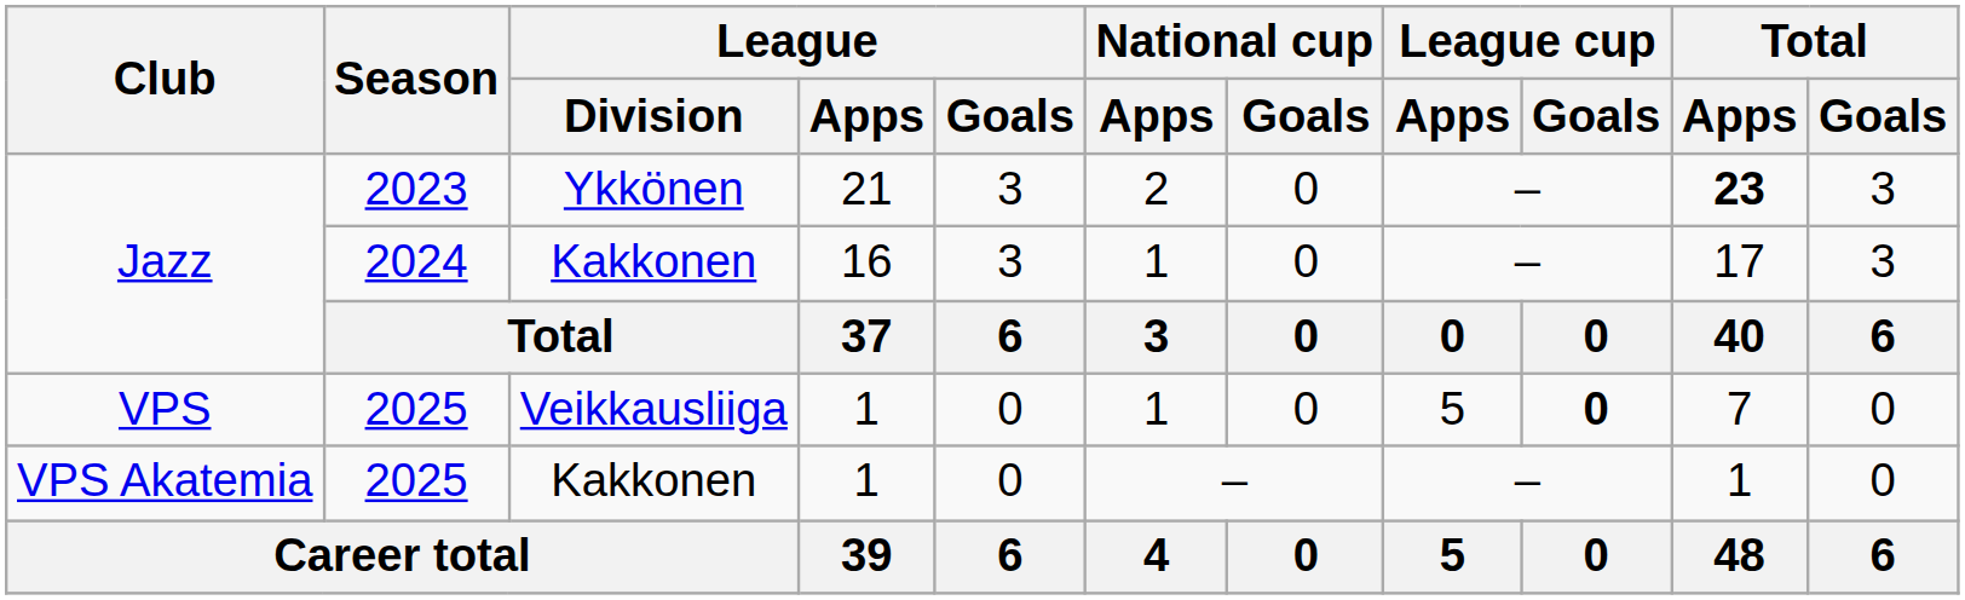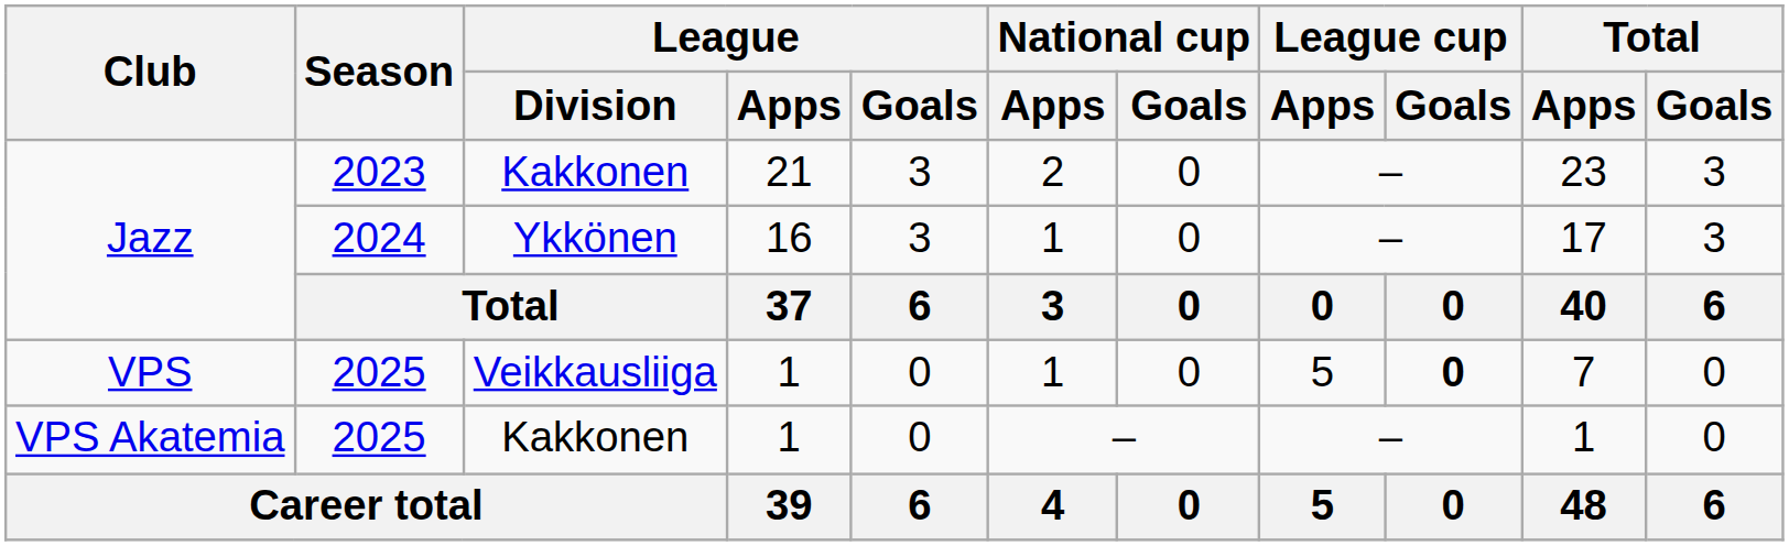 <table class="wikitable" style="text-align:center">
 <tr>
 <th rowspan="2">Club</th>
 <th rowspan="2">Season</th>
 <th colspan="3">League</th>
 <th colspan="2">National cup</th>
 <th colspan="2">League cup</th>
 <th colspan="2">Total</th>
 </tr>
 <tr>
 <th>Division</th>
 <th>Apps</th>
 <th>Goals</th>
 <th>Apps</th>
 <th>Goals</th>
 <th>Apps</th>
 <th>Goals</th>
 <th>Apps</th>
 <th>Goals</th>
 </tr>
 <tr>
 <td rowspan=3><a href='#'>Jazz</a></td>
 <td><a href='#'>2023</a></td>
-<td><a href='#'>Ykkönen</a></td>
+<td><a href='#'>Kakkonen</a></td>
 <td>21</td>
 <td>3</td>
 <td>2</td>
 <td>0</td>
 <td colspan=2>–</td>
-<td><strong>23</strong></td>
+<td>23</td>
 <td>3</td>
 </tr>
 <tr>
 <td><a href='#'>2024</a></td>
-<td><a href='#'>Kakkonen</a></td>
+<td><a href='#'>Ykkönen</a></td>
 <td>16</td>
 <td>3</td>
 <td>1</td>
 <td>0</td>
 <td colspan=2>–</td>
 <td>17</td>
 <td>3</td>
 </tr>
 <tr>
 <th colspan=2>Total</th>
 <th>37</th>
 <th>6</th>
 <th>3</th>
 <th>0</th>
 <th>0</th>
 <th>0</th>
 <th>40</th>
 <th>6</th>
 </tr>
 <tr>
 <td><a href='#'>VPS</a></td>
 <td><a href='#'>2025</a></td>
 <td><a href='#'>Veikkausliiga</a></td>
 <td>1</td>
 <td>0</td>
 <td>1</td>
 <td>0</td>
 <td>5</td>
 <td><strong>0</strong></td>
 <td>7</td>
 <td>0</td>
 </tr>
 <tr>
 <td><a href='#'>VPS Akatemia</a></td>
 <td><a href='#'>2025</a></td>
 <td>Kakkonen</td>
 <td>1</td>
 <td>0</td>
 <td colspan=2>–</td>
 <td colspan=2>–</td>
 <td>1</td>
 <td>0</td>
 </tr>
 <tr>
 <th colspan="3">Career total</th>
 <th>39</th>
 <th>6</th>
 <th>4</th>
 <th>0</th>
 <th>5</th>
 <th>0</th>
 <th>48</th>
 <th>6</th>
 </tr>
 </table>
